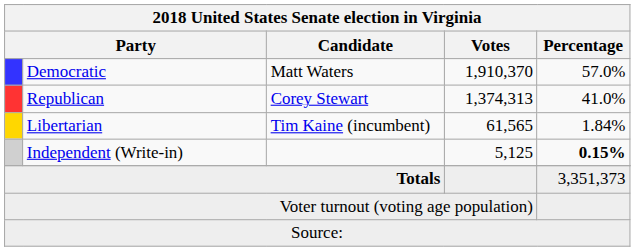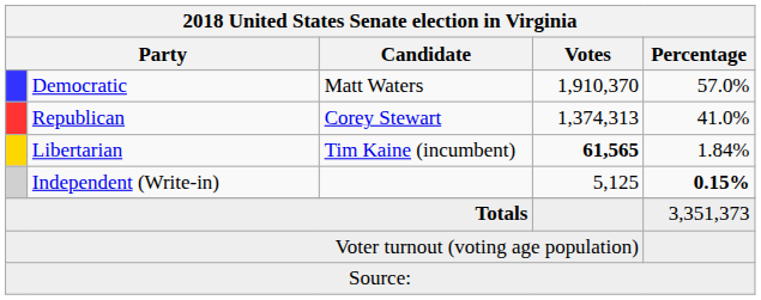 <table class="wikitable" style="font-size: 100%;">
 <tr>
 <th colspan="5">2018 United States Senate election in Virginia</th>
 </tr>
 <tr>
 <th colspan="2" style="width: 15em">Party</th>
 <th style="width: 10em">Candidate</th>
 <th style="width: 5em">Votes</th>
 <th style="width: 5em">Percentage</th>
 </tr>
 <tr>
 <th style="background:#33f; width:3px;"></th>
 <td style="width: 130px"><a href='#'>Democratic</a></td>
 <td>Matt Waters</td>
 <td style="text-align:right;">1,910,370</td>
 <td style="text-align:right;">57.0%</td>
 </tr>
 <tr>
 <th style="background:#f33; width:3px;"></th>
 <td style="width: 130px"><a href='#'>Republican</a></td>
 <td><a href='#'>Corey Stewart</a></td>
 <td style="text-align:right;">1,374,313</td>
 <td style="text-align:right;">41.0%</td>
 </tr>
 <tr>
 <th style="background:gold; width:3px;"></th>
 <td style="width: 130px"><a href='#'>Libertarian</a></td>
 <td><a href='#'>Tim Kaine</a> (incumbent)</td>
-<td style="text-align:right;">61,565</td>
+<td style="text-align:right;"><strong>61,565</strong></td>
 <td style="text-align:right;">1.84%</td>
 </tr>
 <tr>
 <th style="background:#D0D0D0; width:3px;"></th>
 <td style="width: 130px"><a href='#'>Independent</a> (Write-in)</td>
 <td></td>
 <td style="text-align:right;">5,125</td>
 <td style="text-align:right;"><strong>0.15%</strong></td>
 </tr>
 <tr>
 </tr>
 <tr style="background:#eee; text-align:right;">
 <td colspan="3"><strong>Totals</strong></td>
 <td></td>
 <td>3,351,373</td>
 </tr>
 <tr style="background:#eee; text-align:right;">
 <td colspan="4">Voter turnout (voting age population)</td>
 <td></td>
 </tr>
 <tr style="background:#eee; text-align:center;">
 <td colspan="5">Source:</td>
 </tr>
 </table>
